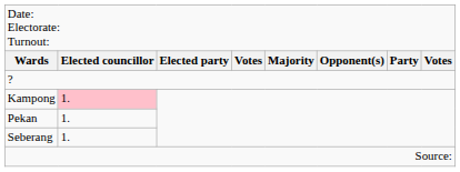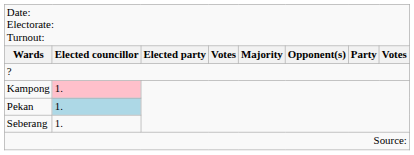 <table class=wikitable>
 <tr>
 <td colspan=8>Date: <br>Electorate: <br>Turnout:</td>
 </tr>
 <tr>
 <th>Wards</th>
 <th>Elected councillor</th>
 <th>Elected party</th>
 <th>Votes</th>
 <th>Majority</th>
 <th>Opponent(s)</th>
 <th>Party</th>
 <th>Votes</th>
 </tr>
 <tr>
 <td colspan=8>? </td>
 </tr>
 <tr>
 <td>Kampong</td>
 <td style="background: pink;">1.</td>
 </tr>
 <tr>
 <td>Pekan</td>
-<td>1.</td>
+<td style="background: lightblue;">1.</td>
 </tr>
 <tr>
 <td>Seberang</td>
 <td>1.</td>
 </tr>
 <tr>
 <td colspan=8 align=right>Source:</td>
 </tr>
 </table>
